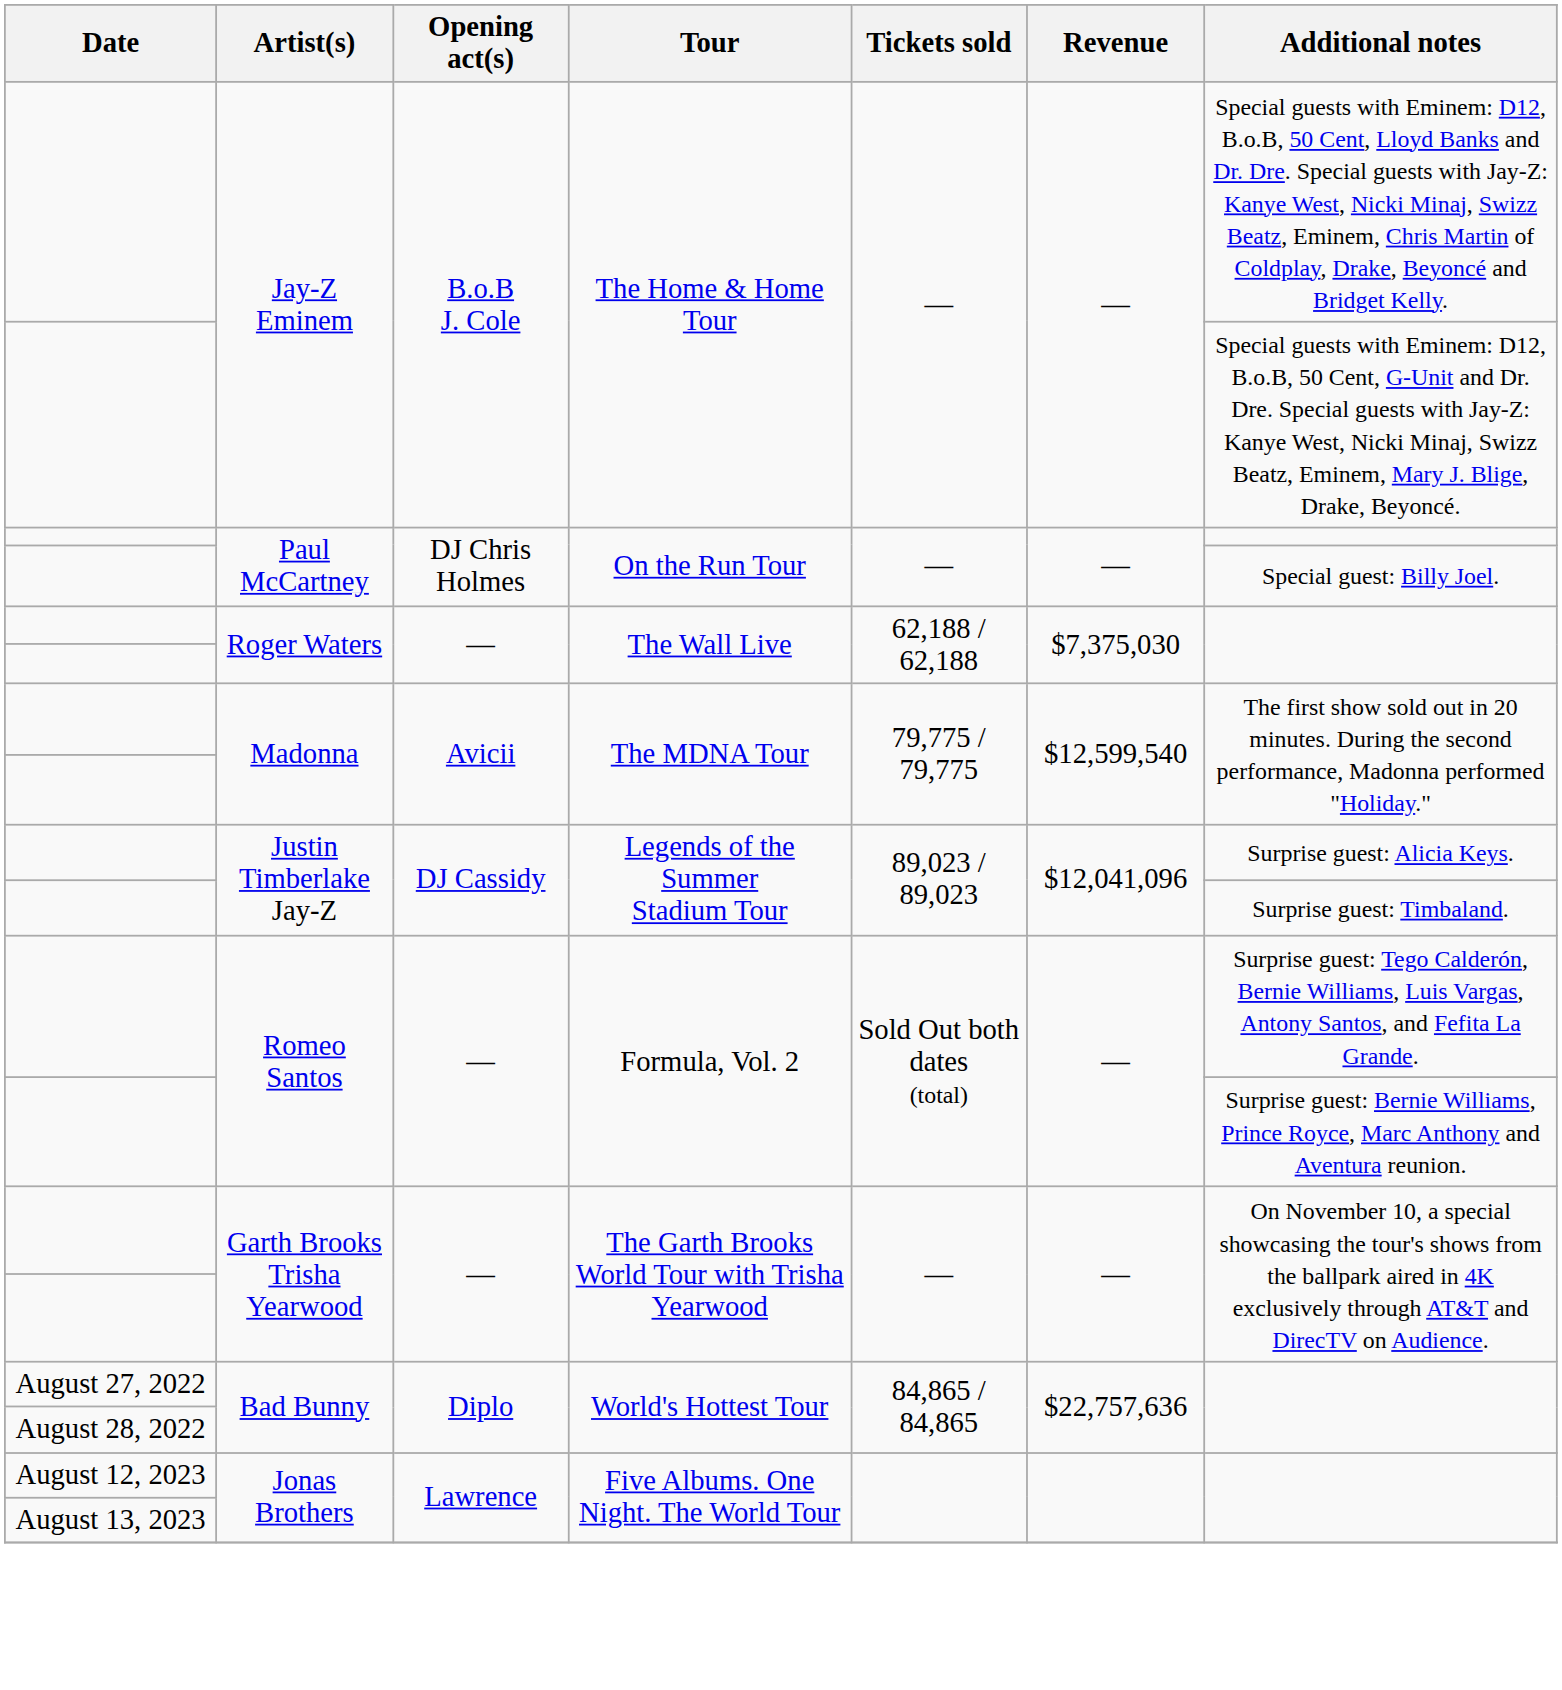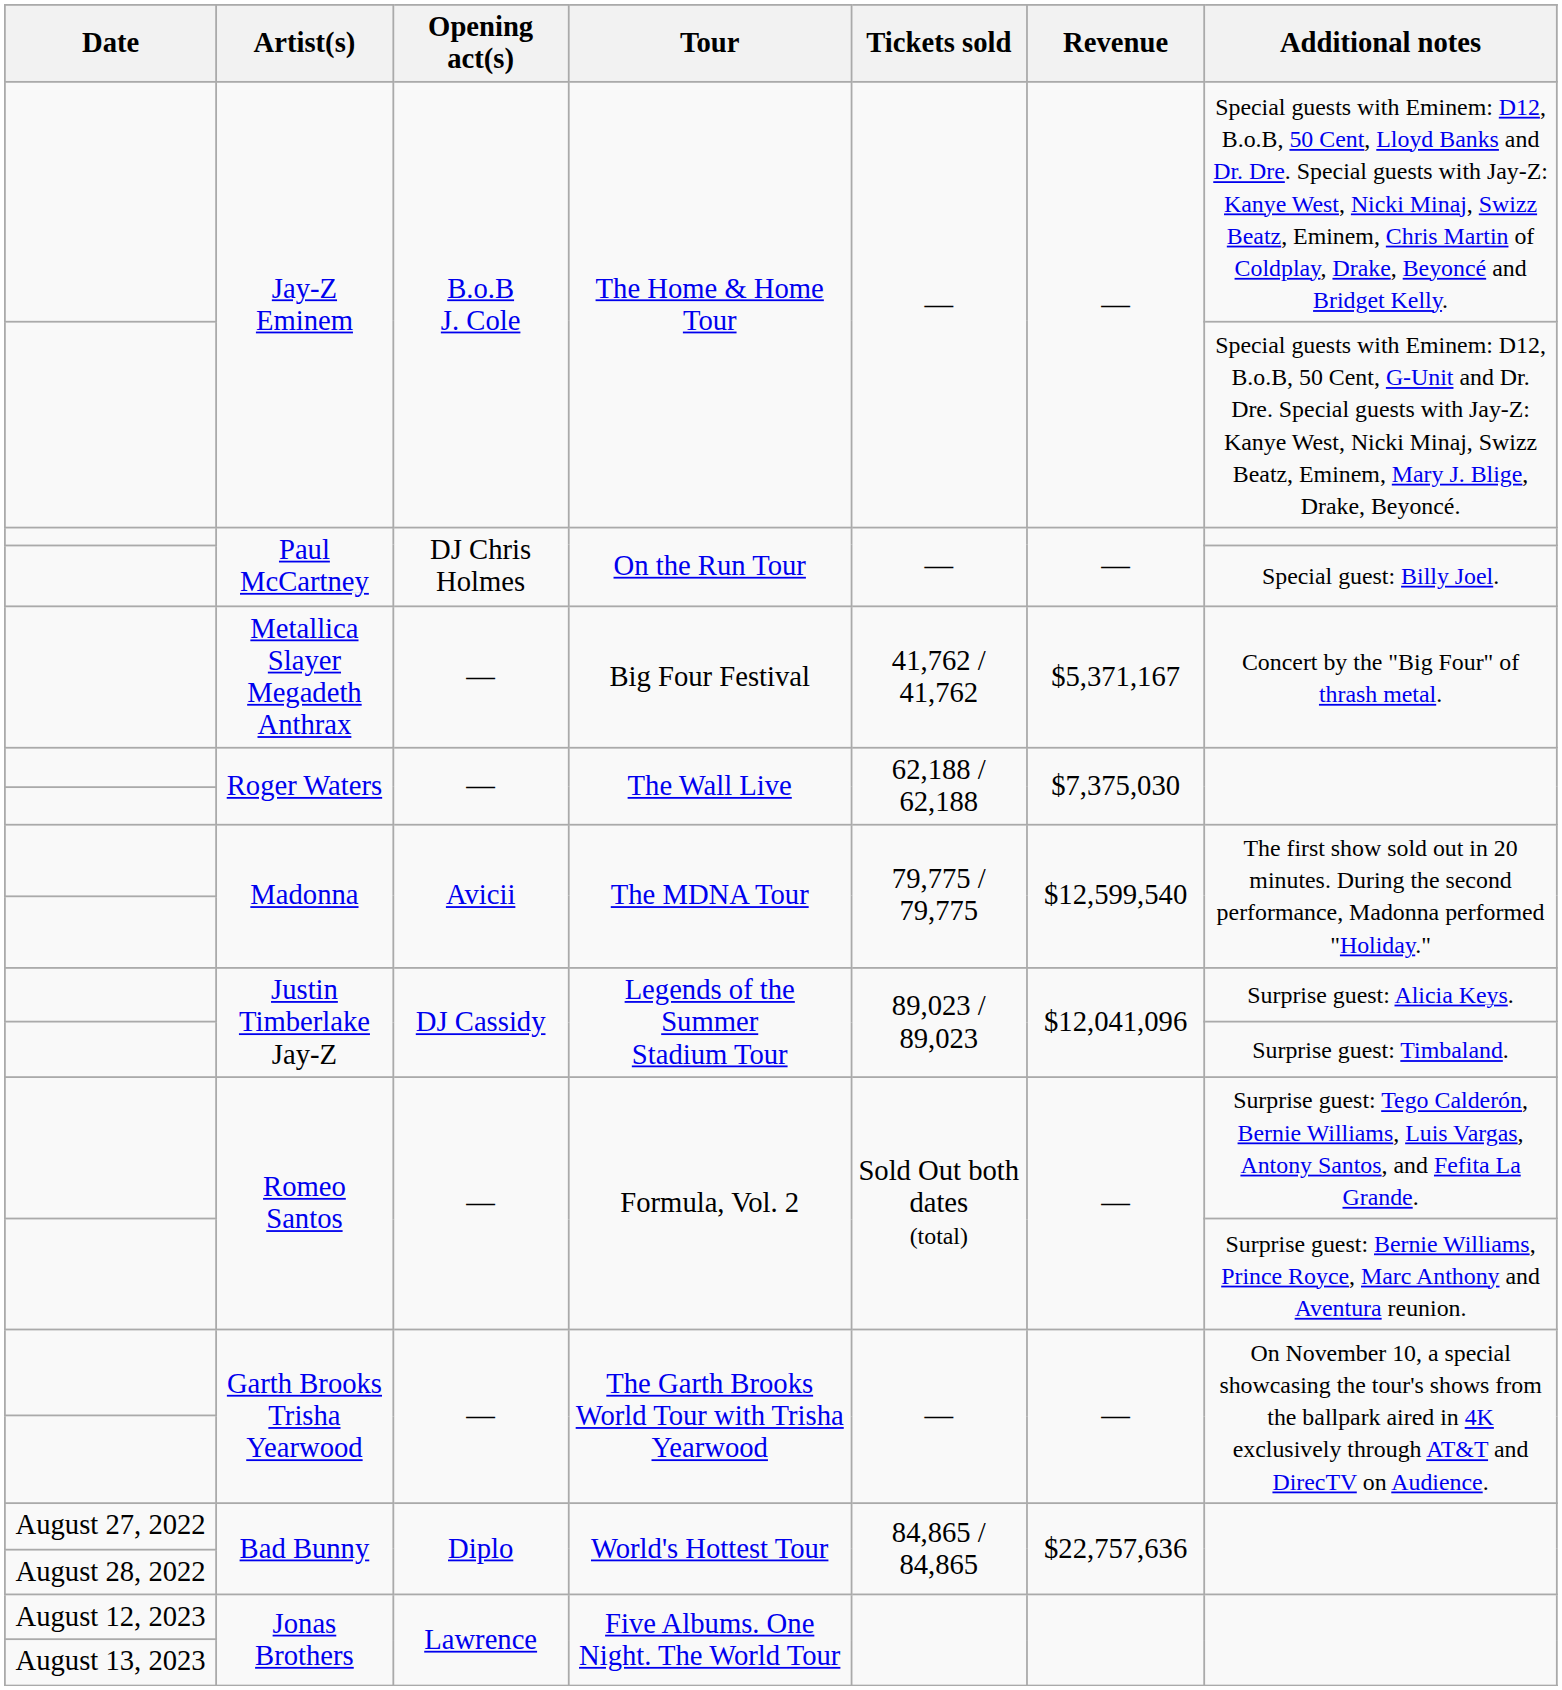 <table class="wikitable" style="text-align:center;">
 <tr>
 <th width=12% style="text-align:center; ">Date</th>
 <th width=10% style="text-align:center; ">Artist(s)</th>
 <th width=10% style="text-align:center; ">Opening act(s)</th>
 <th width=16% style="text-align:center; ">Tour</th>
 <th width=10% style="text-align:center; ">Tickets sold</th>
 <th width=10% style="text-align:center; ">Revenue</th>
 <th width=20% style="text-align:center; ">Additional notes</th>
 </tr>
 <tr>
 <td></td>
 <td rowspan=2><a href='#'>Jay-Z</a><br><a href='#'>Eminem</a></td>
 <td rowspan=2><a href='#'>B.o.B</a><br><a href='#'>J. Cole</a></td>
 <td rowspan=2><a href='#'>The Home & Home Tour</a></td>
 <td rowspan=2>—</td>
 <td rowspan=2>—</td>
 <td><small>Special guests with Eminem: <a href='#'>D12</a>, B.o.B, <a href='#'>50 Cent</a>, <a href='#'>Lloyd Banks</a> and <a href='#'>Dr. Dre</a>. Special guests with Jay-Z: <a href='#'>Kanye West</a>, <a href='#'>Nicki Minaj</a>, <a href='#'>Swizz Beatz</a>, Eminem, <a href='#'>Chris Martin</a> of <a href='#'>Coldplay</a>, <a href='#'>Drake</a>, <a href='#'>Beyoncé</a> and <a href='#'>Bridget Kelly</a>.</small></td>
 </tr>
 <tr>
 <td></td>
 <td><small>Special guests with Eminem: D12, B.o.B, 50 Cent, <a href='#'>G-Unit</a> and Dr. Dre. Special guests with Jay-Z: Kanye West, Nicki Minaj, Swizz Beatz, Eminem, <a href='#'>Mary J. Blige</a>, Drake, Beyoncé.</small></td>
 </tr>
 <tr>
 <td></td>
 <td rowspan=2><a href='#'>Paul McCartney</a></td>
 <td rowspan=2>DJ Chris Holmes</td>
 <td rowspan=2><a href='#'>On the Run Tour</a></td>
 <td rowspan=2>—</td>
 <td rowspan=2>—</td>
 <td></td>
 </tr>
 <tr>
 <td></td>
 <td><small>Special guest: <a href='#'>Billy Joel</a>.</small></td>
+</tr>
+<tr>
+<td></td>
+<td><a href='#'>Metallica</a><br><a href='#'>Slayer</a><br><a href='#'>Megadeth</a><br><a href='#'>Anthrax</a></td>
+<td>—</td>
+<td>Big Four Festival</td>
+<td>41,762 / 41,762</td>
+<td>$5,371,167</td>
+<td><small>Concert by the "Big Four" of <a href='#'>thrash metal</a>.</small></td>
 </tr>
 <tr>
 <td></td>
 <td rowspan=2><a href='#'>Roger Waters</a></td>
 <td rowspan=2>—</td>
 <td rowspan=2><a href='#'>The Wall Live</a></td>
 <td rowspan=2>62,188 / 62,188</td>
 <td rowspan=2>$7,375,030</td>
 <td rowspan=2></td>
 </tr>
 <tr>
 <td></td>
 </tr>
 <tr>
 <td></td>
 <td rowspan=2><a href='#'>Madonna</a></td>
 <td rowspan=2><a href='#'>Avicii</a></td>
 <td rowspan=2><a href='#'>The MDNA Tour</a></td>
 <td rowspan=2>79,775 / 79,775</td>
 <td rowspan=2>$12,599,540</td>
 <td rowspan=2><small>The first show sold out in 20 minutes. During the second performance, Madonna performed "<a href='#'>Holiday</a>."</small></td>
 </tr>
 <tr>
 <td></td>
 </tr>
 <tr>
 <td></td>
 <td rowspan=2><a href='#'>Justin Timberlake</a><br>Jay-Z</td>
 <td rowspan=2><a href='#'>DJ Cassidy</a></td>
 <td rowspan=2><a href='#'>Legends of the Summer<br>Stadium Tour</a></td>
 <td rowspan=2>89,023 / 89,023</td>
 <td rowspan=2>$12,041,096</td>
 <td><small>Surprise guest: <a href='#'>Alicia Keys</a>.</small></td>
 </tr>
 <tr>
 <td></td>
 <td><small>Surprise guest: <a href='#'>Timbaland</a>.</small></td>
 </tr>
 <tr>
 <td></td>
 <td rowspan=2><a href='#'>Romeo Santos</a></td>
 <td rowspan=2>—</td>
 <td rowspan=2>Formula, Vol. 2</td>
 <td rowspan=2>Sold Out both dates<br><small>(total)</small></td>
 <td rowspan=2>—</td>
 <td><small>Surprise guest: <a href='#'>Tego Calderón</a>, <a href='#'>Bernie Williams</a>, <a href='#'>Luis Vargas</a>, <a href='#'>Antony Santos</a>, and <a href='#'>Fefita La Grande</a>.</small></td>
 </tr>
 <tr>
 <td></td>
 <td><small>Surprise guest: <a href='#'>Bernie Williams</a>, <a href='#'>Prince Royce</a>, <a href='#'>Marc Anthony</a> and <a href='#'>Aventura</a> reunion.</small></td>
 </tr>
 <tr>
 <td></td>
 <td rowspan=2><a href='#'>Garth Brooks</a><br><a href='#'>Trisha Yearwood</a></td>
 <td rowspan=2>—</td>
 <td rowspan=2><a href='#'>The Garth Brooks World Tour with Trisha Yearwood</a></td>
 <td rowspan=2>—</td>
 <td rowspan=2>—</td>
 <td rowspan=2><small>On November 10, a special showcasing the tour's shows from the ballpark aired in <a href='#'>4K</a> exclusively through <a href='#'>AT&T</a> and <a href='#'>DirecTV</a> on <a href='#'>Audience</a>.</small></td>
 </tr>
 <tr>
 <td></td>
 </tr>
 <tr>
 <td>August 27, 2022</td>
 <td rowspan="2"><a href='#'>Bad Bunny</a></td>
 <td rowspan="2"><a href='#'>Diplo</a></td>
 <td rowspan="2"><a href='#'>World's Hottest Tour</a></td>
 <td rowspan="2">84,865 / 84,865</td>
 <td rowspan="2">$22,757,636</td>
 <td rowspan="2"></td>
 </tr>
 <tr>
 <td>August 28, 2022</td>
 </tr>
 <tr>
 <td>August 12, 2023</td>
 <td rowspan="2"><a href='#'>Jonas Brothers</a></td>
 <td rowspan="2"><a href='#'>Lawrence</a></td>
 <td rowspan="2"><a href='#'>Five Albums. One Night. The World Tour</a></td>
 <td rowspan="2"></td>
 <td rowspan="2"></td>
 <td rowspan="2"></td>
 </tr>
 <tr>
 <td>August 13, 2023</td>
 </tr>
 <tr>
 </tr>
 </table>
